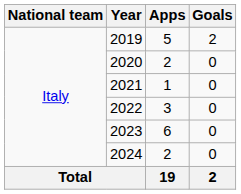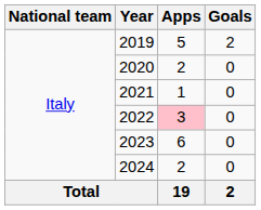 <table class = "wikitable" style = "text-align:center">
 <tr>
 <th>National team</th>
 <th>Year</th>
 <th>Apps</th>
 <th>Goals</th>
 </tr>
 <tr>
 <td rowspan="6"><a href='#'>Italy</a></td>
 <td>2019</td>
 <td>5</td>
 <td>2</td>
 </tr>
 <tr>
 <td>2020</td>
 <td>2</td>
 <td>0</td>
 </tr>
 <tr>
 <td>2021</td>
 <td>1</td>
 <td>0</td>
 </tr>
 <tr>
 <td>2022</td>
-<td>3</td>
+<td style="background: pink;">3</td>
 <td>0</td>
 </tr>
 <tr>
 <td>2023</td>
 <td>6</td>
 <td>0</td>
 </tr>
 <tr>
 <td>2024</td>
 <td>2</td>
 <td>0</td>
 </tr>
 <tr>
 <th colspan="2">Total</th>
 <th>19</th>
 <th>2</th>
 </tr>
 </table>
